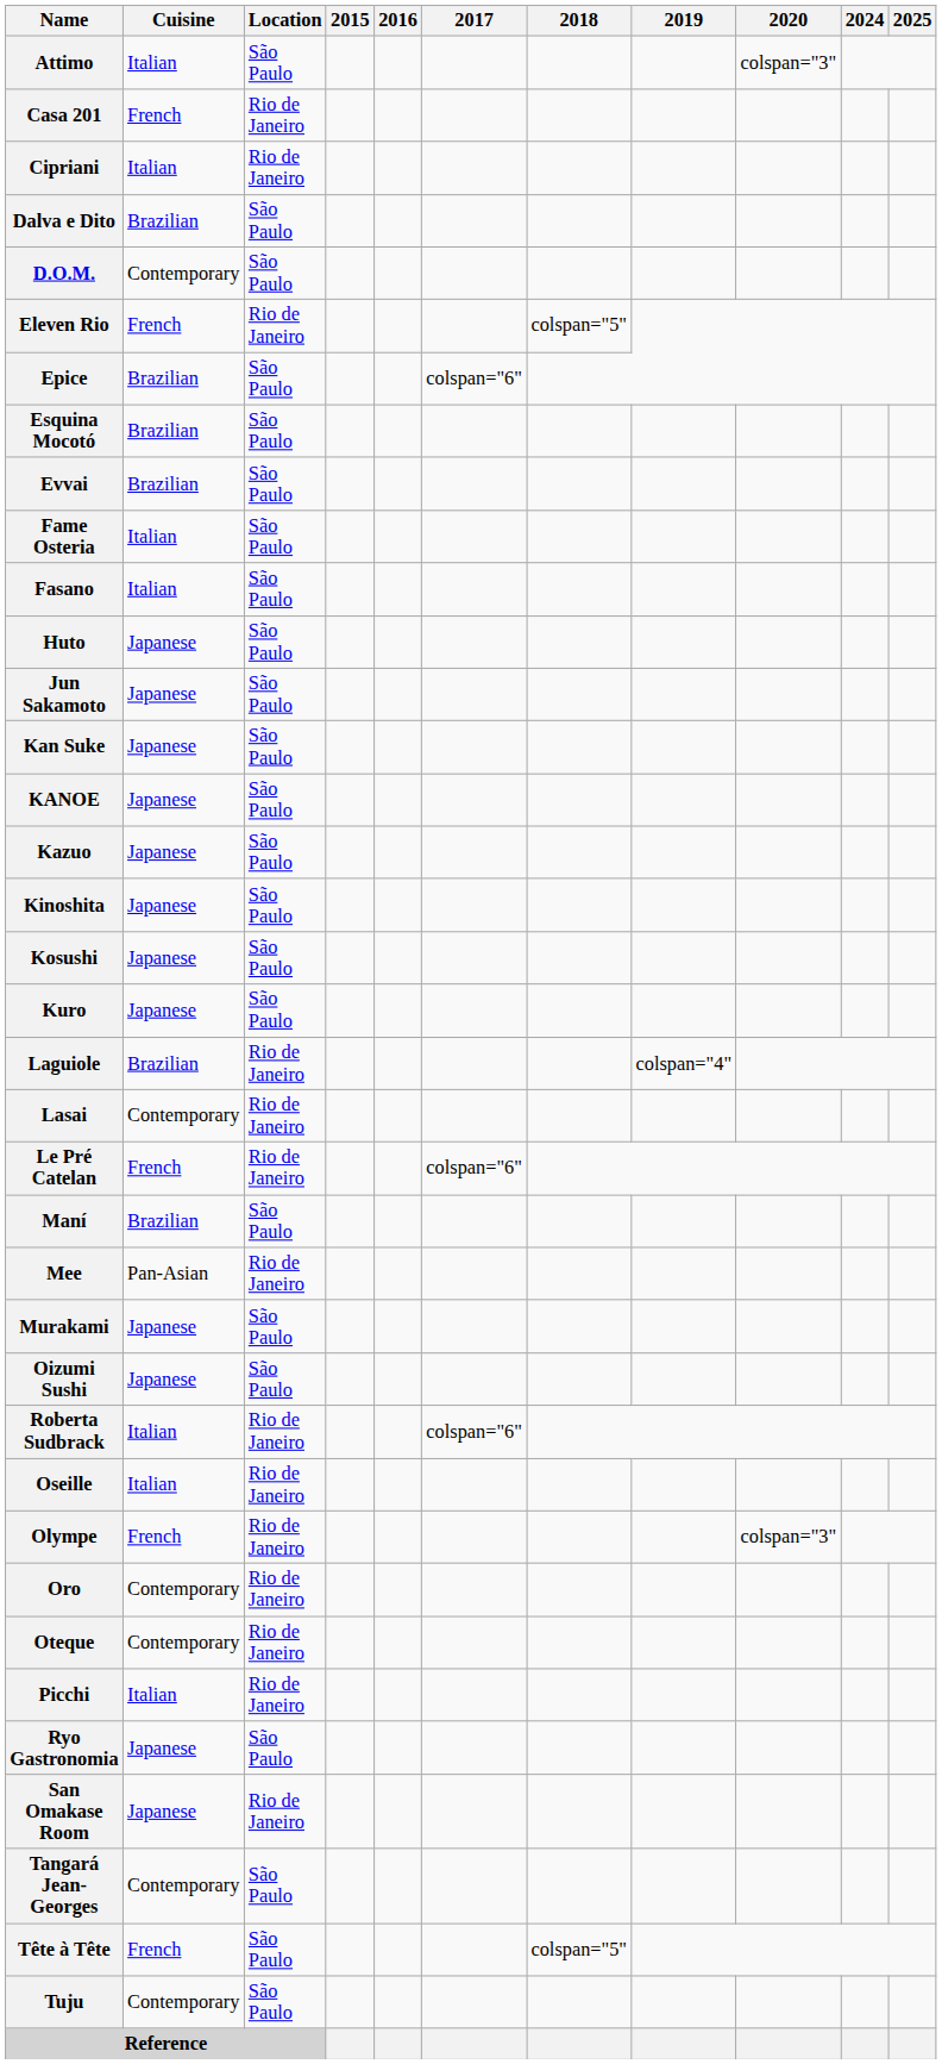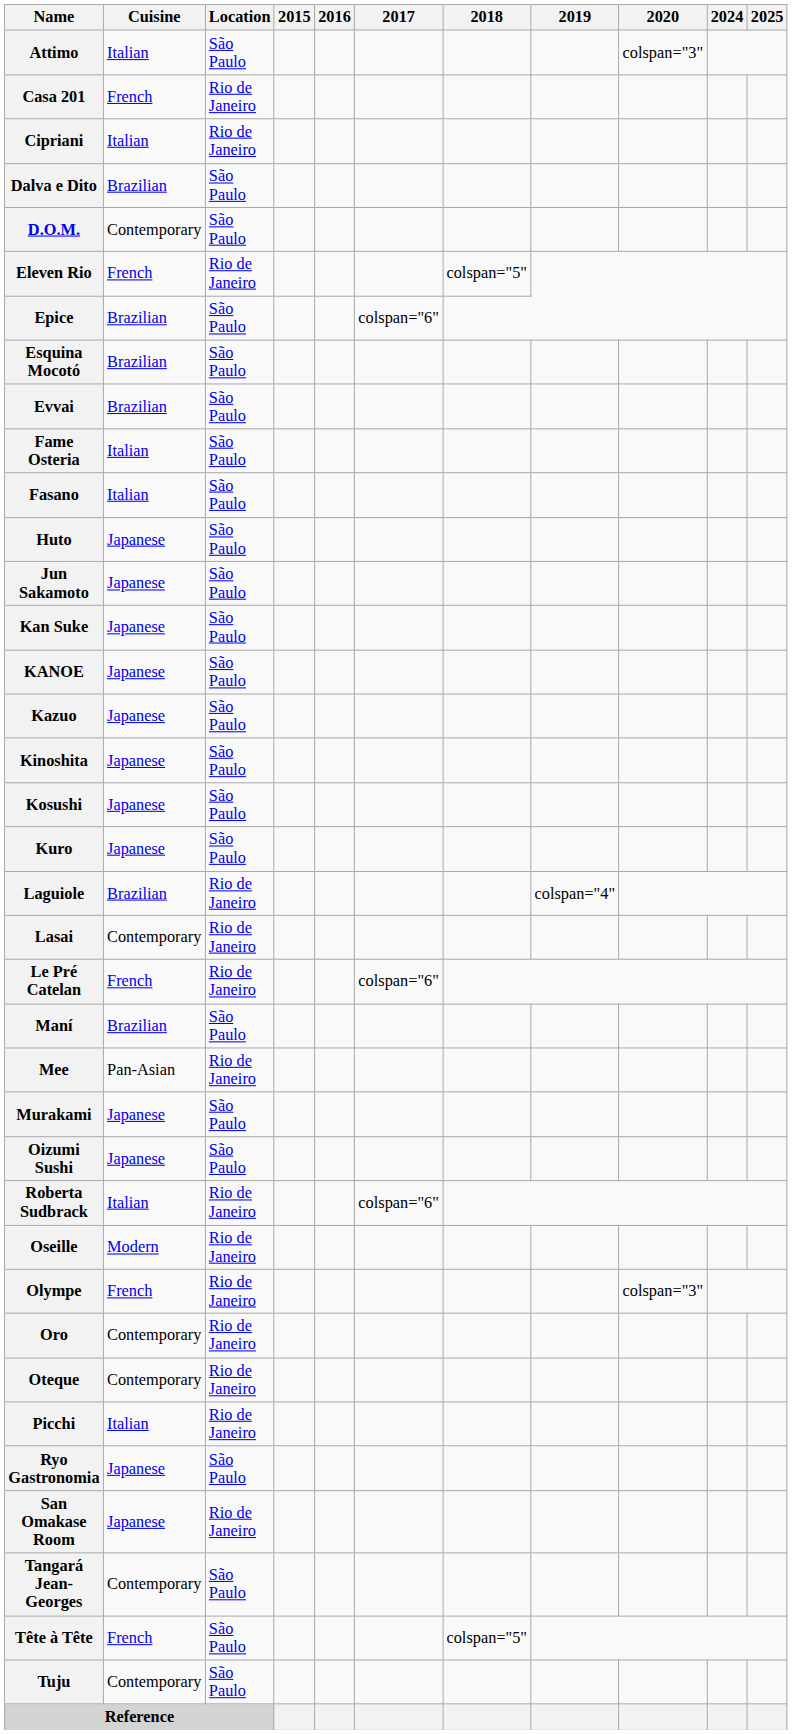 <table class="wikitable sortable plainrowheaders" style="text-align:left;"">
 <tr>
 <th scope="col">Name</th>
 <th scope="col">Cuisine</th>
 <th scope="col">Location</th>
 <th scope="col">2015</th>
 <th scope="col">2016</th>
 <th scope="col">2017</th>
 <th scope="col">2018</th>
 <th scope="col">2019</th>
 <th scope="col">2020</th>
 <th scope="col">2024</th>
 <th scope="col">2025</th>
 </tr>
 <tr>
 <th scope="row">Attimo</th>
 <td><a href='#'>Italian</a></td>
 <td><a href='#'>São Paulo</a></td>
 <td></td>
 <td></td>
 <td></td>
 <td></td>
 <td></td>
 <td>colspan="3" </td>
 </tr>
 <tr>
 <th scope="row">Casa 201</th>
 <td><a href='#'>French</a></td>
 <td><a href='#'>Rio de Janeiro</a></td>
 <td></td>
 <td></td>
 <td></td>
 <td></td>
 <td></td>
 <td></td>
 <td></td>
 <td></td>
 </tr>
 <tr>
 <th scope="row">Cipriani</th>
 <td><a href='#'>Italian</a></td>
 <td><a href='#'>Rio de Janeiro</a></td>
 <td></td>
 <td></td>
 <td></td>
 <td></td>
 <td></td>
 <td></td>
 <td></td>
 <td></td>
 </tr>
 <tr>
 <th scope="row">Dalva e Dito</th>
 <td><a href='#'>Brazilian</a></td>
 <td><a href='#'>São Paulo</a></td>
 <td></td>
 <td></td>
 <td></td>
 <td></td>
 <td></td>
 <td></td>
 <td></td>
 <td></td>
 </tr>
 <tr>
 <th scope="row"><a href='#'>D.O.M.</a></th>
 <td>Contemporary</td>
 <td><a href='#'>São Paulo</a></td>
 <td></td>
 <td></td>
 <td></td>
 <td></td>
 <td></td>
 <td></td>
 <td></td>
 <td></td>
 </tr>
 <tr>
 <th scope="row">Eleven Rio</th>
 <td><a href='#'>French</a></td>
 <td><a href='#'>Rio de Janeiro</a></td>
 <td></td>
 <td></td>
 <td></td>
 <td>colspan="5" </td>
 </tr>
 <tr>
 <th scope="row">Epice</th>
 <td><a href='#'>Brazilian</a></td>
 <td><a href='#'>São Paulo</a></td>
 <td></td>
 <td></td>
 <td>colspan="6" </td>
 </tr>
 <tr>
 <th scope="row">Esquina Mocotó</th>
 <td><a href='#'>Brazilian</a></td>
 <td><a href='#'>São Paulo</a></td>
 <td></td>
 <td></td>
 <td></td>
 <td></td>
 <td></td>
 <td></td>
 <td></td>
 <td></td>
 </tr>
 <tr>
 <th scope="row">Evvai</th>
 <td><a href='#'>Brazilian</a></td>
 <td><a href='#'>São Paulo</a></td>
 <td></td>
 <td></td>
 <td></td>
 <td></td>
 <td></td>
 <td></td>
 <td></td>
 <td></td>
 </tr>
 <tr>
 <th scope="row">Fame Osteria</th>
 <td><a href='#'>Italian</a></td>
 <td><a href='#'>São Paulo</a></td>
 <td></td>
 <td></td>
 <td></td>
 <td></td>
 <td></td>
 <td></td>
 <td></td>
 <td></td>
 </tr>
 <tr>
 <th scope="row">Fasano</th>
 <td><a href='#'>Italian</a></td>
 <td><a href='#'>São Paulo</a></td>
 <td></td>
 <td></td>
 <td></td>
 <td></td>
 <td></td>
 <td></td>
 <td></td>
 <td></td>
 </tr>
 <tr>
 <th scope="row">Huto</th>
 <td><a href='#'>Japanese</a></td>
 <td><a href='#'>São Paulo</a></td>
 <td></td>
 <td></td>
 <td></td>
 <td></td>
 <td></td>
 <td></td>
 <td></td>
 <td></td>
 </tr>
 <tr>
 <th scope="row">Jun Sakamoto</th>
 <td><a href='#'>Japanese</a></td>
 <td><a href='#'>São Paulo</a></td>
 <td></td>
 <td></td>
 <td></td>
 <td></td>
 <td></td>
 <td></td>
 <td></td>
 <td></td>
 </tr>
 <tr>
 <th scope="row">Kan Suke</th>
 <td><a href='#'>Japanese</a></td>
 <td><a href='#'>São Paulo</a></td>
 <td></td>
 <td></td>
 <td></td>
 <td></td>
 <td></td>
 <td></td>
 <td></td>
 <td></td>
 </tr>
 <tr>
 <th scope="row">KANOE</th>
 <td><a href='#'>Japanese</a></td>
 <td><a href='#'>São Paulo</a></td>
 <td></td>
 <td></td>
 <td></td>
 <td></td>
 <td></td>
 <td></td>
 <td></td>
 <td></td>
 </tr>
 <tr>
 <th scope="row">Kazuo</th>
 <td><a href='#'>Japanese</a></td>
 <td><a href='#'>São Paulo</a></td>
 <td></td>
 <td></td>
 <td></td>
 <td></td>
 <td></td>
 <td></td>
 <td></td>
 <td></td>
 </tr>
 <tr>
 <th scope="row">Kinoshita</th>
 <td><a href='#'>Japanese</a></td>
 <td><a href='#'>São Paulo</a></td>
 <td></td>
 <td></td>
 <td></td>
 <td></td>
 <td></td>
 <td></td>
 <td></td>
 <td></td>
 </tr>
 <tr>
 <th scope="row">Kosushi</th>
 <td><a href='#'>Japanese</a></td>
 <td><a href='#'>São Paulo</a></td>
 <td></td>
 <td></td>
 <td></td>
 <td></td>
 <td></td>
 <td></td>
 <td></td>
 <td></td>
 </tr>
 <tr>
 <th scope="row">Kuro</th>
 <td><a href='#'>Japanese</a></td>
 <td><a href='#'>São Paulo</a></td>
 <td></td>
 <td></td>
 <td></td>
 <td></td>
 <td></td>
 <td></td>
 <td></td>
 <td></td>
 </tr>
 <tr>
 <th scope="row">Laguiole</th>
 <td><a href='#'>Brazilian</a></td>
 <td><a href='#'>Rio de Janeiro</a></td>
 <td></td>
 <td></td>
 <td></td>
 <td></td>
 <td>colspan="4" </td>
 </tr>
 <tr>
 <th scope="row">Lasai</th>
 <td>Contemporary</td>
 <td><a href='#'>Rio de Janeiro</a></td>
 <td></td>
 <td></td>
 <td></td>
 <td></td>
 <td></td>
 <td></td>
 <td></td>
 <td></td>
 </tr>
 <tr>
 <th scope="row">Le Pré Catelan</th>
 <td><a href='#'>French</a></td>
 <td><a href='#'>Rio de Janeiro</a></td>
 <td></td>
 <td></td>
 <td>colspan="6" </td>
 </tr>
 <tr>
 <th scope="row">Maní</th>
 <td><a href='#'>Brazilian</a></td>
 <td><a href='#'>São Paulo</a></td>
 <td></td>
 <td></td>
 <td></td>
 <td></td>
 <td></td>
 <td></td>
 <td></td>
 <td></td>
 </tr>
 <tr>
 <th scope="row">Mee</th>
 <td>Pan-Asian</td>
 <td><a href='#'>Rio de Janeiro</a></td>
 <td></td>
 <td></td>
 <td></td>
 <td></td>
 <td></td>
 <td></td>
 <td></td>
 <td></td>
 </tr>
 <tr>
 <th scope="row">Murakami</th>
 <td><a href='#'>Japanese</a></td>
 <td><a href='#'>São Paulo</a></td>
 <td></td>
 <td></td>
 <td></td>
 <td></td>
 <td></td>
 <td></td>
 <td></td>
 <td></td>
 </tr>
 <tr>
 <th scope="row">Oizumi Sushi</th>
 <td><a href='#'>Japanese</a></td>
 <td><a href='#'>São Paulo</a></td>
 <td></td>
 <td></td>
 <td></td>
 <td></td>
 <td></td>
 <td></td>
 <td></td>
 <td></td>
 </tr>
 <tr>
 <th scope="row">Roberta Sudbrack</th>
 <td><a href='#'>Italian</a></td>
 <td><a href='#'>Rio de Janeiro</a></td>
 <td></td>
 <td></td>
 <td>colspan="6" </td>
 </tr>
 <tr>
 <th scope="row">Oseille</th>
-<td><a href='#'>Italian</a></td>
+<td><a href='#'>Modern</a></td>
 <td><a href='#'>Rio de Janeiro</a></td>
 <td></td>
 <td></td>
 <td></td>
 <td></td>
 <td></td>
 <td></td>
 <td></td>
 <td></td>
 </tr>
 <tr>
 <th scope="row">Olympe</th>
 <td><a href='#'>French</a></td>
 <td><a href='#'>Rio de Janeiro</a></td>
 <td></td>
 <td></td>
 <td></td>
 <td></td>
 <td></td>
 <td>colspan="3" </td>
 </tr>
 <tr>
 <th scope="row">Oro</th>
 <td>Contemporary</td>
 <td><a href='#'>Rio de Janeiro</a></td>
 <td></td>
 <td></td>
 <td></td>
 <td></td>
 <td></td>
 <td></td>
 <td></td>
 <td></td>
 </tr>
 <tr>
 <th scope="row">Oteque</th>
 <td>Contemporary</td>
 <td><a href='#'>Rio de Janeiro</a></td>
 <td></td>
 <td></td>
 <td></td>
 <td></td>
 <td></td>
 <td></td>
 <td></td>
 <td></td>
 </tr>
 <tr>
 <th scope="row">Picchi</th>
 <td><a href='#'>Italian</a></td>
 <td><a href='#'>Rio de Janeiro</a></td>
 <td></td>
 <td></td>
 <td></td>
 <td></td>
 <td></td>
 <td></td>
 <td></td>
 <td></td>
 </tr>
 <tr>
 <th scope="row">Ryo Gastronomia</th>
 <td><a href='#'>Japanese</a></td>
 <td><a href='#'>São Paulo</a></td>
 <td></td>
 <td></td>
 <td></td>
 <td></td>
 <td></td>
 <td></td>
 <td></td>
 <td></td>
 </tr>
 <tr>
 <th scope="row">San Omakase Room</th>
 <td><a href='#'>Japanese</a></td>
 <td><a href='#'>Rio de Janeiro</a></td>
 <td></td>
 <td></td>
 <td></td>
 <td></td>
 <td></td>
 <td></td>
 <td></td>
 <td></td>
 </tr>
 <tr>
 <th scope="row">Tangará Jean-Georges</th>
 <td>Contemporary</td>
 <td><a href='#'>São Paulo</a></td>
 <td></td>
 <td></td>
 <td></td>
 <td></td>
 <td></td>
 <td></td>
 <td></td>
 <td></td>
 </tr>
 <tr>
 <th scope="row">Tête à Tête</th>
 <td><a href='#'>French</a></td>
 <td><a href='#'>São Paulo</a></td>
 <td></td>
 <td></td>
 <td></td>
 <td>colspan="5" </td>
 </tr>
 <tr>
 <th scope="row">Tuju</th>
 <td>Contemporary</td>
 <td><a href='#'>São Paulo</a></td>
 <td></td>
 <td></td>
 <td></td>
 <td></td>
 <td></td>
 <td></td>
 <td></td>
 <td></td>
 </tr>
 <tr>
 <th colspan="3" style="text-align: center;background: lightgray;">Reference</th>
 <th></th>
 <th></th>
 <th></th>
 <th></th>
 <th></th>
 <th></th>
 <th></th>
 <th></th>
 </tr>
 </table>
